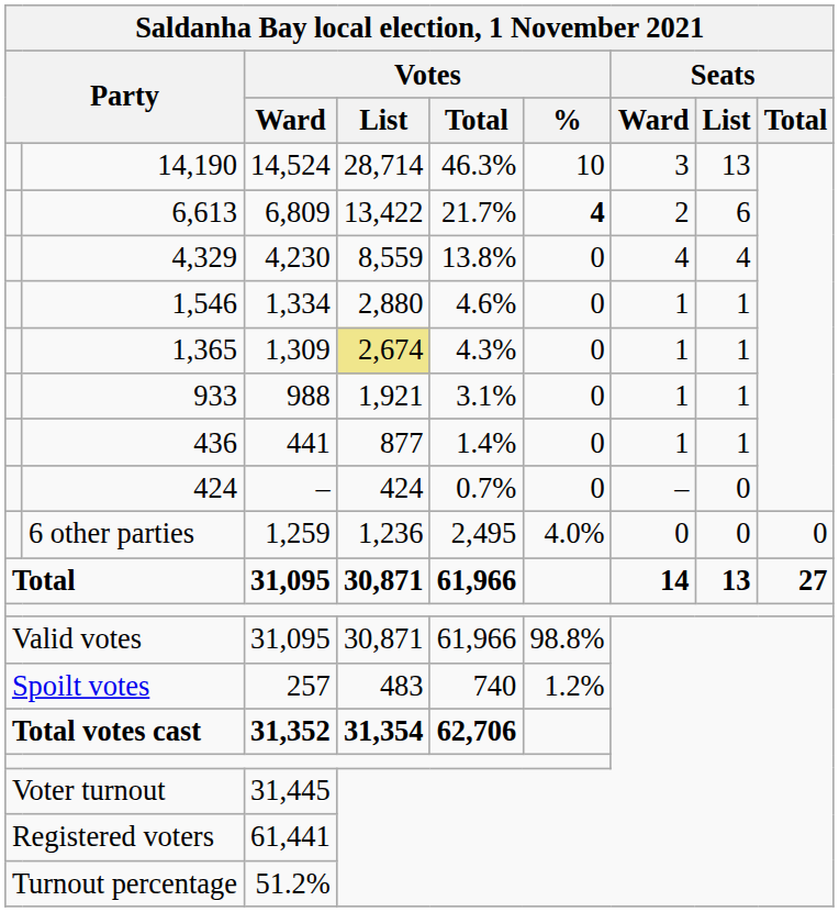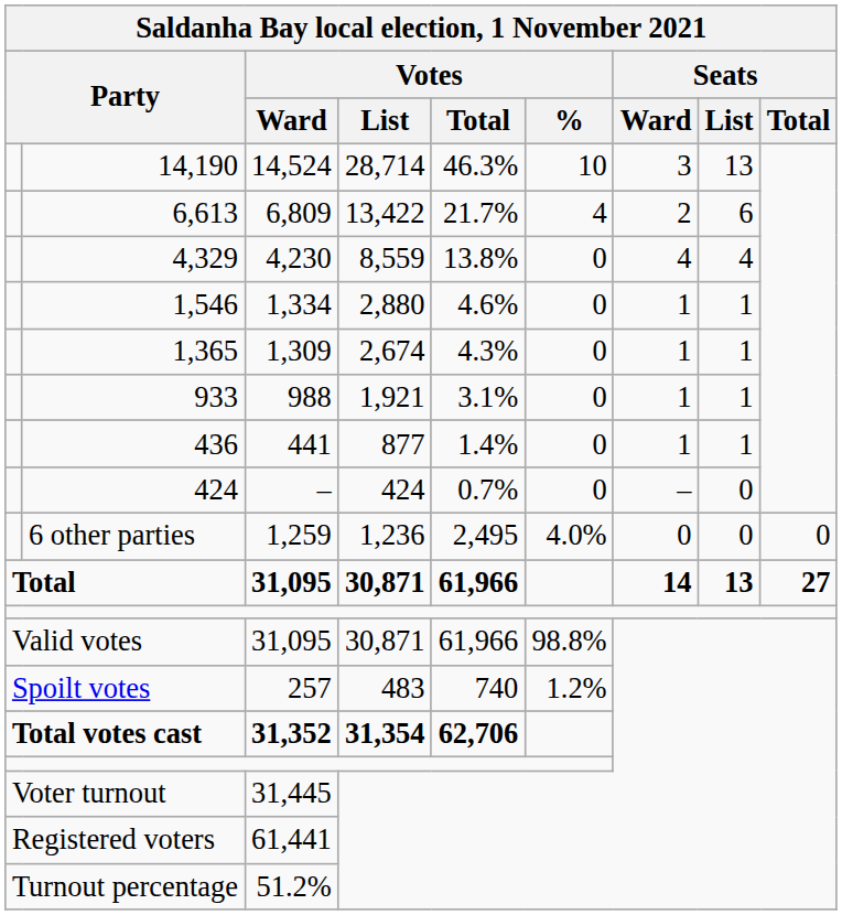 <table class=wikitable style="text-align:right">
 <tr>
 <th colspan="9" align="center">Saldanha Bay local election, 1 November 2021</th>
 </tr>
 <tr>
 <th rowspan="2" colspan="2">Party</th>
 <th colspan="4" align="center">Votes</th>
 <th colspan="3" align="center">Seats</th>
 </tr>
 <tr>
 <th>Ward</th>
 <th>List</th>
 <th>Total</th>
 <th>%</th>
 <th>Ward</th>
 <th>List</th>
 <th>Total</th>
 </tr>
 <tr>
 <td></td>
 <td>14,190</td>
 <td>14,524</td>
 <td>28,714</td>
 <td>46.3%</td>
 <td>10</td>
 <td>3</td>
 <td>13</td>
 </tr>
 <tr>
 <td></td>
 <td>6,613</td>
 <td>6,809</td>
 <td>13,422</td>
 <td>21.7%</td>
-<td><strong>4</strong></td>
+<td>4</td>
 <td>2</td>
 <td>6</td>
 </tr>
 <tr>
 <td></td>
 <td>4,329</td>
 <td>4,230</td>
 <td>8,559</td>
 <td>13.8%</td>
 <td>0</td>
 <td>4</td>
 <td>4</td>
 </tr>
 <tr>
 <td></td>
 <td>1,546</td>
 <td>1,334</td>
 <td>2,880</td>
 <td>4.6%</td>
 <td>0</td>
 <td>1</td>
 <td>1</td>
 </tr>
 <tr>
 <td></td>
 <td>1,365</td>
 <td>1,309</td>
-<td style="background: khaki;">2,674</td>
+<td>2,674</td>
 <td>4.3%</td>
 <td>0</td>
 <td>1</td>
 <td>1</td>
 </tr>
 <tr>
 <td></td>
 <td>933</td>
 <td>988</td>
 <td>1,921</td>
 <td>3.1%</td>
 <td>0</td>
 <td>1</td>
 <td>1</td>
 </tr>
 <tr>
 <td></td>
 <td>436</td>
 <td>441</td>
 <td>877</td>
 <td>1.4%</td>
 <td>0</td>
 <td>1</td>
 <td>1</td>
 </tr>
 <tr>
 <td></td>
 <td>424</td>
 <td>–</td>
 <td>424</td>
 <td>0.7%</td>
 <td>0</td>
 <td>–</td>
 <td>0</td>
 </tr>
 <tr>
 <td></td>
 <td style="text-align:left">6 other parties</td>
 <td>1,259</td>
 <td>1,236</td>
 <td>2,495</td>
 <td>4.0%</td>
 <td>0</td>
 <td>0</td>
 <td>0</td>
 </tr>
 <tr>
 <td colspan="2" style="text-align:left"><strong>Total</strong></td>
 <td><strong>31,095</strong></td>
 <td><strong>30,871</strong></td>
 <td><strong>61,966</strong></td>
 <td></td>
 <td><strong>14</strong></td>
 <td><strong>13</strong></td>
 <td><strong>27</strong></td>
 </tr>
 <tr>
 <td colspan="9"></td>
 </tr>
 <tr>
 <td colspan="2" style="text-align:left">Valid votes</td>
 <td>31,095</td>
 <td>30,871</td>
 <td>61,966</td>
 <td>98.8%</td>
 </tr>
 <tr>
 <td colspan="2" style="text-align:left"><a href='#'>Spoilt votes</a></td>
 <td>257</td>
 <td>483</td>
 <td>740</td>
 <td>1.2%</td>
 </tr>
 <tr>
 <td colspan="2" style="text-align:left"><strong>Total votes cast</strong></td>
 <td><strong>31,352</strong></td>
 <td><strong>31,354</strong></td>
 <td><strong>62,706</strong></td>
 <td></td>
 </tr>
 <tr>
 <td colspan="6"></td>
 </tr>
 <tr>
 <td colspan="2" style="text-align:left">Voter turnout</td>
 <td>31,445</td>
 </tr>
 <tr>
 <td colspan="2" style="text-align:left">Registered voters</td>
 <td>61,441</td>
 </tr>
 <tr>
 <td colspan="2" style="text-align:left">Turnout percentage</td>
 <td>51.2%</td>
 </tr>
 </table>
